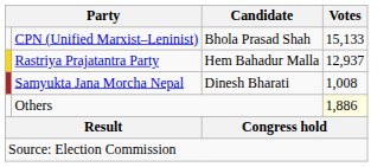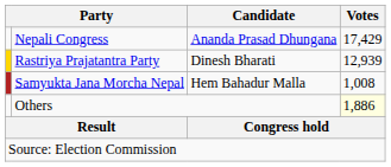 <table class="wikitable">
 <tr>
 <th colspan="2">Party</th>
 <th>Candidate</th>
 <th>Votes</th>
 </tr>
 <tr>
 <td style="background-color:"></td>
-<td><a href='#'>CPN (Unified Marxist–Leninist)</a></td>
-<td>Bhola Prasad Shah</td>
-<td>15,133</td>
+<td><a href='#'>Nepali Congress</a></td>
+<td><a href='#'>Ananda Prasad Dhungana</a></td>
+<td>17,429</td>
 </tr>
 <tr>
 <td style="background-color:gold"></td>
 <td><a href='#'>Rastriya Prajatantra Party</a></td>
-<td>Hem Bahadur Malla</td>
-<td>12,937</td>
+<td>Dinesh Bharati</td>
+<td>12,939</td>
 </tr>
 <tr>
 <td style="background-color:firebrick"></td>
 <td><a href='#'>Samyukta Jana Morcha Nepal</a></td>
-<td>Dinesh Bharati</td>
+<td>Hem Bahadur Malla</td>
 <td>1,008</td>
 </tr>
 <tr>
 <td></td>
 <td colspan="2">Others</td>
 <td style="background: lightyellow;">1,886</td>
 </tr>
 <tr>
 <th colspan="2">Result</th>
 <th colspan="2">Congress hold</th>
 </tr>
 <tr>
 <td colspan="4">Source: Election Commission</td>
 </tr>
 </table>
